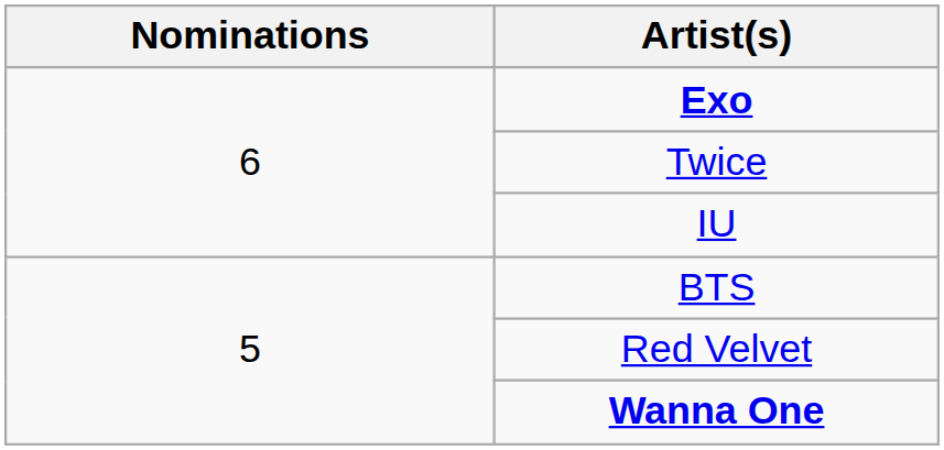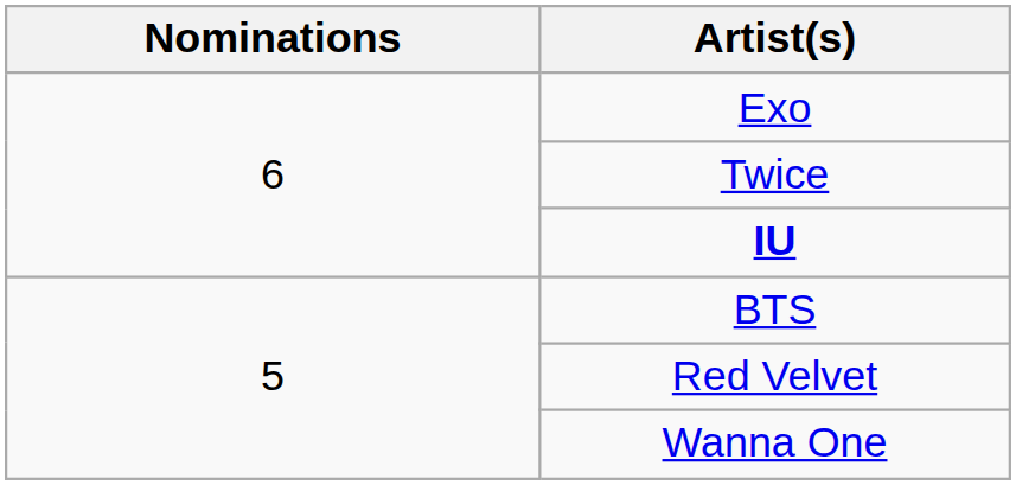 <table class="wikitable"  style="width:30%; text-align:center;">
 <tr>
 <th>Nominations</th>
 <th>Artist(s)</th>
 </tr>
 <tr>
 <td rowspan="3">6</td>
-<td><strong><a href='#'>Exo</a></strong></td>
+<td><a href='#'>Exo</a></td>
 </tr>
 <tr>
 <td><a href='#'>Twice</a></td>
 </tr>
 <tr>
-<td><a href='#'>IU</a></td>
+<td><strong><a href='#'>IU</a></strong></td>
 </tr>
 <tr>
 <td rowspan="3">5</td>
 <td><a href='#'>BTS</a></td>
 </tr>
 <tr>
 <td><a href='#'>Red Velvet</a></td>
 </tr>
 <tr>
-<td><strong><a href='#'>Wanna One</a></strong></td>
+<td><a href='#'>Wanna One</a></td>
 </tr>
 </table>
